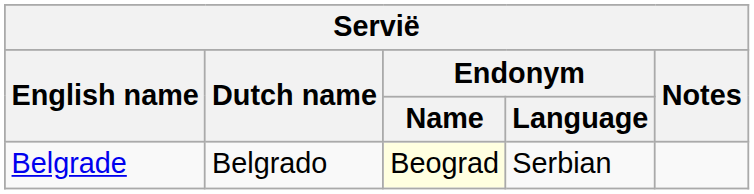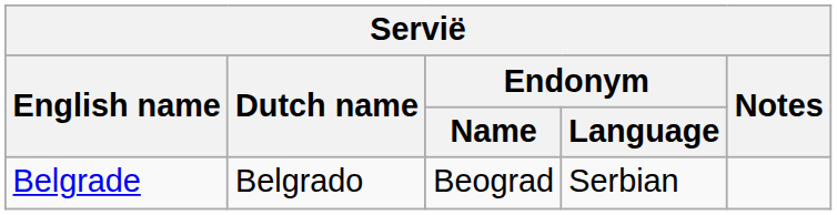 <table class="wikitable sortable">
 <tr>
 <th colspan="5"> Servië</th>
 </tr>
 <tr>
 <th rowspan="2">English name</th>
 <th rowspan="2">Dutch name</th>
 <th colspan="2">Endonym</th>
 <th rowspan="2">Notes</th>
 </tr>
 <tr>
 <th>Name</th>
 <th>Language</th>
 </tr>
 <tr>
 <td><a href='#'>Belgrade</a></td>
 <td>Belgrado</td>
-<td style="background: lightyellow;">Beograd</td>
+<td>Beograd</td>
 <td>Serbian</td>
 <td></td>
 </tr>
 </table>
